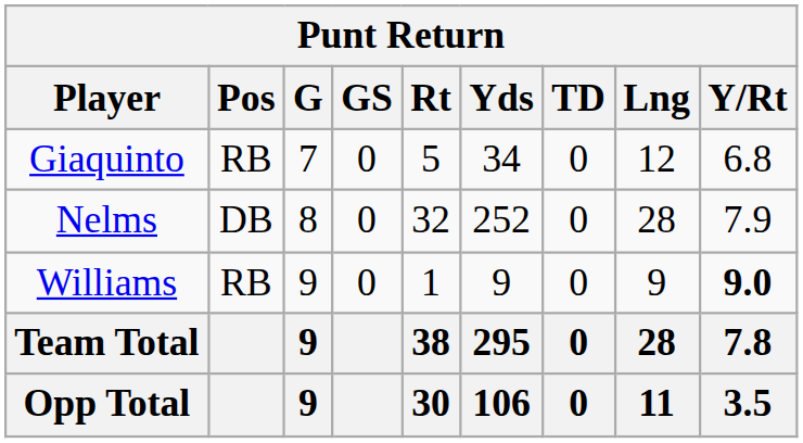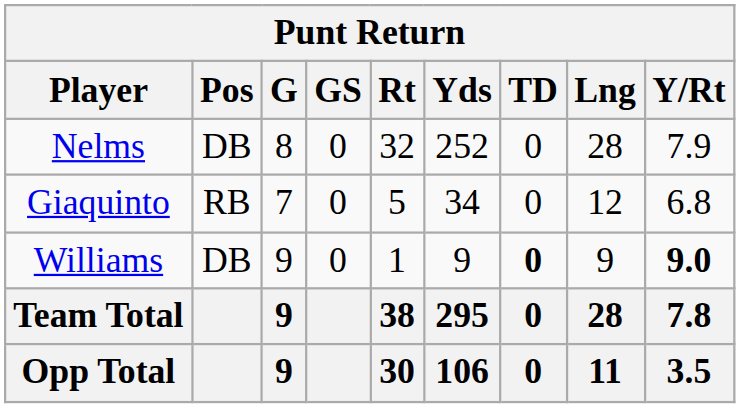 <table class="wikitable" style="text-align:center">
 <tr>
 <th colspan="9">Punt Return</th>
 </tr>
 <tr>
 <th>Player</th>
 <th>Pos</th>
 <th>G</th>
 <th>GS</th>
 <th>Rt</th>
 <th>Yds</th>
 <th>TD</th>
 <th>Lng</th>
 <th>Y/Rt</th>
 </tr>
 <tr>
+<td><a href='#'>Nelms</a></td>
+<td>DB</td>
+<td>8</td>
+<td>0</td>
+<td>32</td>
+<td>252</td>
+<td>0</td>
+<td>28</td>
+<td>7.9</td>
+</tr>
+<tr>
 <td><a href='#'>Giaquinto</a></td>
 <td>RB</td>
 <td>7</td>
 <td>0</td>
 <td>5</td>
 <td>34</td>
 <td>0</td>
 <td>12</td>
 <td>6.8</td>
 </tr>
 <tr>
-<td><a href='#'>Nelms</a></td>
+<td><a href='#'>Williams</a></td>
 <td>DB</td>
-<td>8</td>
-<td>0</td>
-<td>32</td>
-<td>252</td>
-<td>0</td>
-<td>28</td>
-<td>7.9</td>
-</tr>
-<tr>
-<td><a href='#'>Williams</a></td>
-<td>RB</td>
 <td>9</td>
 <td>0</td>
 <td>1</td>
 <td>9</td>
-<td>0</td>
+<td><strong>0</strong></td>
 <td>9</td>
 <td><strong>9.0</strong></td>
 </tr>
 <tr>
 <th>Team Total</th>
 <th></th>
 <th>9</th>
 <th></th>
 <th>38</th>
 <th>295</th>
 <th>0</th>
 <th>28</th>
 <th>7.8</th>
 </tr>
 <tr>
 <th>Opp Total</th>
 <th></th>
 <th>9</th>
 <th></th>
 <th>30</th>
 <th>106</th>
 <th>0</th>
 <th>11</th>
 <th>3.5</th>
 </tr>
 </table>
